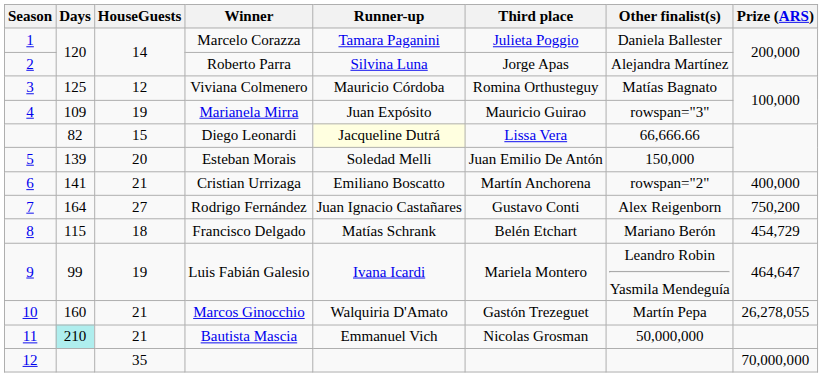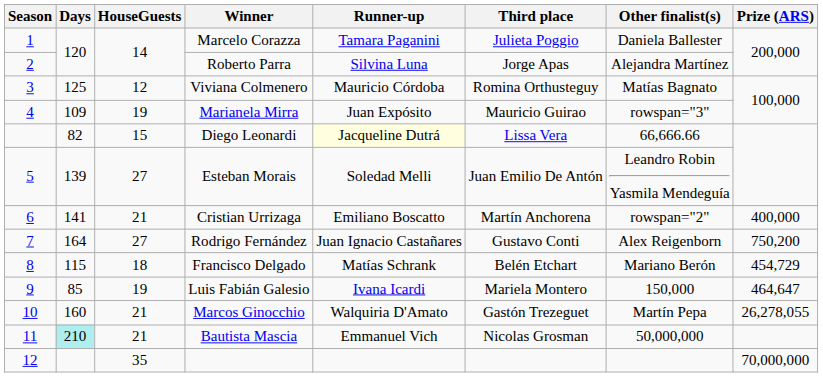 <table class="wikitable plainrowheaders" style="text-align:center">
 <tr>
 <th>Season</th>
 <th>Days</th>
 <th>HouseGuests</th>
 <th>Winner</th>
 <th>Runner-up</th>
 <th>Third place</th>
 <th>Other finalist(s)</th>
 <th>Prize (<a href='#'>ARS</a>)</th>
 </tr>
 <tr>
 <td><a href='#'>1</a></td>
 <td rowspan="2">120</td>
 <td rowspan="2">14</td>
 <td>Marcelo Corazza</td>
 <td><a href='#'>Tamara Paganini</a></td>
 <td><a href='#'>Julieta Poggio</a></td>
 <td>Daniela Ballester</td>
 <td rowspan="2">200,000</td>
 </tr>
 <tr>
 <td><a href='#'>2</a></td>
 <td>Roberto Parra</td>
 <td><a href='#'>Silvina Luna</a></td>
 <td>Jorge Apas</td>
 <td>Alejandra Martínez</td>
 </tr>
 <tr>
 <td><a href='#'>3</a></td>
 <td>125</td>
 <td>12</td>
 <td>Viviana Colmenero</td>
 <td>Mauricio Córdoba</td>
 <td>Romina Orthusteguy</td>
 <td>Matías Bagnato</td>
 <td rowspan="2">100,000</td>
 </tr>
 <tr>
 <td><a href='#'>4</a></td>
 <td>109</td>
 <td>19</td>
 <td><a href='#'>Marianela Mirra</a></td>
 <td>Juan Expósito</td>
 <td>Mauricio Guirao</td>
 <td>rowspan="3" </td>
 </tr>
 <tr>
 <td><a href='#'></a></td>
 <td>82</td>
 <td>15</td>
 <td>Diego Leonardi</td>
 <td style="background: lightyellow;">Jacqueline Dutrá</td>
 <td><a href='#'>Lissa Vera</a></td>
 <td>66,666.66</td>
 </tr>
 <tr>
 <td><a href='#'>5</a></td>
 <td>139</td>
-<td>20</td>
+<td>27</td>
 <td>Esteban Morais</td>
 <td>Soledad Melli</td>
 <td>Juan Emilio De Antón</td>
-<td>150,000</td>
+<td>Leandro Robin<hr>Yasmila Mendeguía</td>
 </tr>
 <tr>
 <td><a href='#'>6</a></td>
 <td>141</td>
 <td>21</td>
 <td>Cristian Urrizaga</td>
 <td>Emiliano Boscatto</td>
 <td>Martín Anchorena</td>
 <td>rowspan="2" </td>
 <td>400,000</td>
 </tr>
 <tr>
 <td><a href='#'>7</a></td>
 <td>164</td>
 <td>27</td>
 <td>Rodrigo Fernández</td>
 <td>Juan Ignacio Castañares</td>
 <td>Gustavo Conti</td>
 <td>Alex Reigenborn</td>
 <td>750,200</td>
 </tr>
 <tr>
 <td><a href='#'>8</a></td>
 <td>115</td>
 <td>18</td>
 <td>Francisco Delgado</td>
 <td>Matías Schrank</td>
 <td>Belén Etchart</td>
 <td>Mariano Berón</td>
 <td>454,729</td>
 </tr>
 <tr>
 <td><a href='#'>9</a></td>
-<td>99</td>
+<td>85</td>
 <td>19</td>
 <td>Luis Fabián Galesio</td>
 <td><a href='#'>Ivana Icardi</a></td>
 <td>Mariela Montero</td>
-<td>Leandro Robin<hr>Yasmila Mendeguía</td>
+<td>150,000</td>
 <td>464,647</td>
 </tr>
 <tr>
 <td><a href='#'>10</a></td>
 <td>160</td>
 <td>21</td>
 <td><a href='#'>Marcos Ginocchio</a></td>
 <td>Walquiria D'Amato</td>
 <td>Gastón Trezeguet</td>
 <td>Martín Pepa</td>
 <td>26,278,055</td>
 </tr>
 <tr>
 <td><a href='#'>11</a></td>
 <td style="background: paleturquoise;">210</td>
 <td>21</td>
 <td><a href='#'>Bautista Mascia</a></td>
 <td>Emmanuel Vich</td>
 <td>Nicolas Grosman</td>
 <td>50,000,000</td>
 </tr>
 <tr>
 <td><a href='#'>12</a></td>
 <td></td>
 <td>35</td>
 <td></td>
 <td></td>
 <td></td>
 <td></td>
 <td>70,000,000</td>
 </tr>
 </table>
